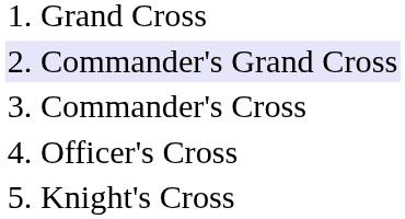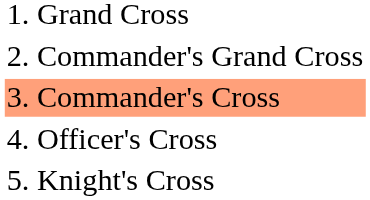 <table>
 <tr>
 <td>1. Grand Cross</td>
 <td></td>
 </tr>
 <tr>
-<td style="background: lavender;">2. Commander's Grand Cross</td>
+<td>2. Commander's Grand Cross</td>
 <td></td>
 </tr>
 <tr>
-<td>3. Commander's Cross</td>
+<td style="background: lightsalmon;">3. Commander's Cross</td>
 <td></td>
 </tr>
 <tr>
 <td>4. Officer's Cross</td>
 <td></td>
 </tr>
 <tr>
 <td>5. Knight's Cross</td>
 <td></td>
 </tr>
 </table>
